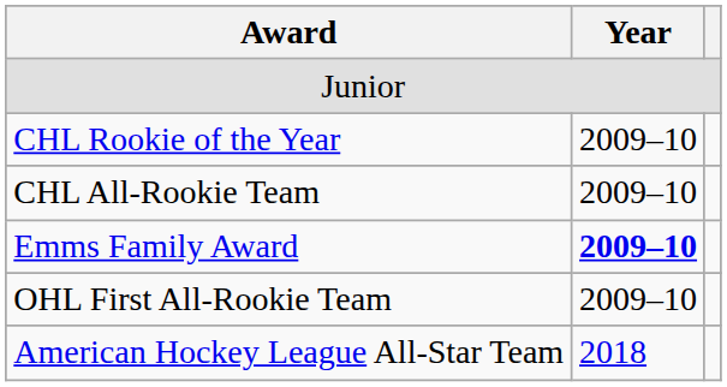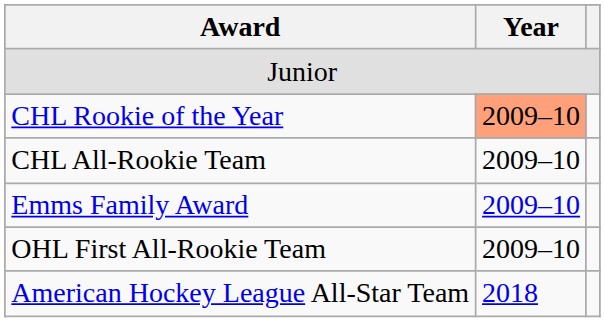 <table class="wikitable">
 <tr>
 <th>Award</th>
 <th>Year</th>
 <th></th>
 </tr>
 <tr ALIGN="center" bgcolor="#e0e0e0">
 <td colspan="3">Junior</td>
 </tr>
 <tr>
 <td><a href='#'>CHL Rookie of the Year</a></td>
-<td>2009–10</td>
+<td style="background: lightsalmon;">2009–10</td>
 <td></td>
 </tr>
 <tr>
 <td>CHL All-Rookie Team</td>
 <td>2009–10</td>
 <td></td>
 </tr>
 <tr>
 <td><a href='#'>Emms Family Award</a></td>
-<td><strong><a href='#'>2009–10</a></strong></td>
+<td><a href='#'>2009–10</a></td>
 <td></td>
 </tr>
 <tr>
 <td>OHL First All-Rookie Team</td>
 <td>2009–10</td>
 <td></td>
 </tr>
 <tr>
 <td><a href='#'>American Hockey League</a> All-Star Team</td>
 <td><a href='#'>2018</a></td>
 <td></td>
 </tr>
 </table>
